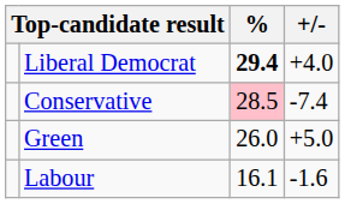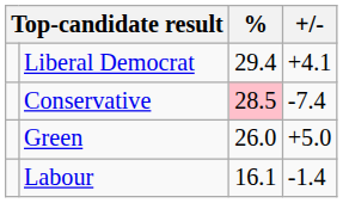 <table class="wikitable">
 <tr>
 <th colspan="2">Top-candidate result</th>
 <th>%</th>
 <th>+/-</th>
 </tr>
 <tr>
 <td style="background-color: "></td>
 <td><a href='#'>Liberal Democrat</a></td>
-<td><strong>29.4</strong></td>
-<td><span>+4.0</span></td>
+<td>29.4</td>
+<td><span>+4.1</span></td>
 </tr>
 <tr>
 <td style="background-color: "></td>
 <td><a href='#'>Conservative</a></td>
 <td style="background: pink;">28.5</td>
 <td><span>-7.4</span></td>
 </tr>
 <tr>
 <td style="background-color: "></td>
 <td><a href='#'>Green</a></td>
 <td>26.0</td>
 <td><span>+5.0</span></td>
 </tr>
 <tr>
 <td style="background-color: "></td>
 <td><a href='#'>Labour</a></td>
 <td>16.1</td>
-<td><span>-1.6</span></td>
+<td><span>-1.4</span></td>
 </tr>
 </table>
